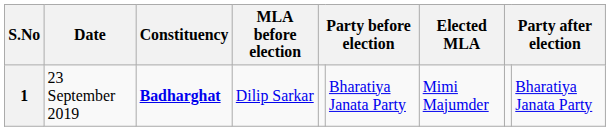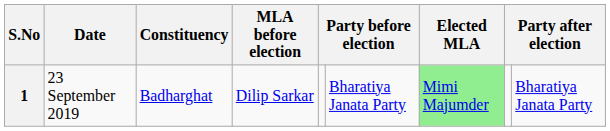 <table class="wikitable sortable">
 <tr>
 <th>S.No</th>
 <th>Date</th>
 <th>Constituency</th>
 <th>MLA before election</th>
 <th colspan="2">Party before election</th>
 <th>Elected MLA</th>
 <th colspan="2">Party after election</th>
 </tr>
 <tr>
 <th>1</th>
 <td>23 September 2019</td>
-<td><strong><a href='#'>Badharghat</a></strong></td>
+<td><a href='#'>Badharghat</a></td>
 <td><a href='#'>Dilip Sarkar</a></td>
 <td></td>
 <td><a href='#'>Bharatiya Janata Party</a></td>
-<td><a href='#'>Mimi Majumder</a></td>
+<td style="background: lightgreen;"><a href='#'>Mimi Majumder</a></td>
 <td></td>
 <td><a href='#'>Bharatiya Janata Party</a></td>
 </tr>
 </table>
